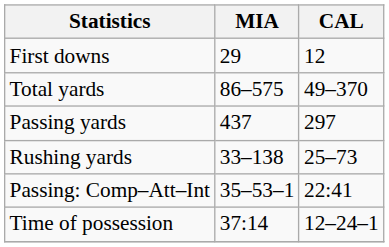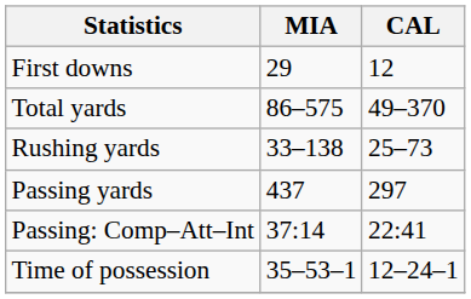 <table class="wikitable" style="float: left;">
 <tr>
 <th>Statistics</th>
 <th>MIA</th>
 <th>CAL</th>
 </tr>
 <tr>
 <td>First downs</td>
 <td>29</td>
 <td>12</td>
 </tr>
 <tr>
 <td>Total yards</td>
 <td>86–575</td>
 <td>49–370</td>
 </tr>
 <tr>
+<td>Rushing yards</td>
+<td>33–138</td>
+<td>25–73</td>
+</tr>
+<tr>
 <td>Passing yards</td>
 <td>437</td>
 <td>297</td>
 </tr>
 <tr>
-<td>Rushing yards</td>
-<td>33–138</td>
-<td>25–73</td>
-</tr>
-<tr>
 <td>Passing: Comp–Att–Int</td>
-<td>35–53–1</td>
+<td>37:14</td>
 <td>22:41</td>
 </tr>
 <tr>
 <td>Time of possession</td>
-<td>37:14</td>
+<td>35–53–1</td>
 <td>12–24–1</td>
 </tr>
 <tr>
 </tr>
 </table>
